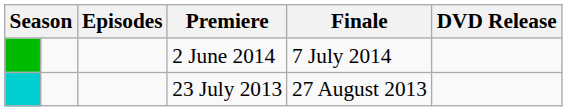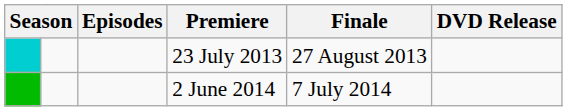 <table class="wikitable">
 <tr>
 <th colspan="2">Season</th>
 <th>Episodes</th>
 <th>Premiere</th>
 <th>Finale</th>
 <th>DVD Release</th>
 </tr>
 <tr>
+<td style="background-color:#00CED1; color: #100; text-align: center; top"></td>
+<td></td>
+<td></td>
+<td>23 July 2013</td>
+<td>27 August 2013</td>
+<td></td>
+</tr>
+<tr>
 <td style="background-color:#00BB00; color: #100; text-align: center; top"></td>
 <td></td>
 <td></td>
 <td>2 June 2014</td>
 <td>7 July 2014</td>
 <td></td>
 </tr>
-<tr>
-<td style="background-color:#00CED1; color: #100; text-align: center; top"></td>
-<td></td>
-<td></td>
-<td>23 July 2013</td>
-<td>27 August 2013</td>
-<td></td>
-</tr>
 </table>
